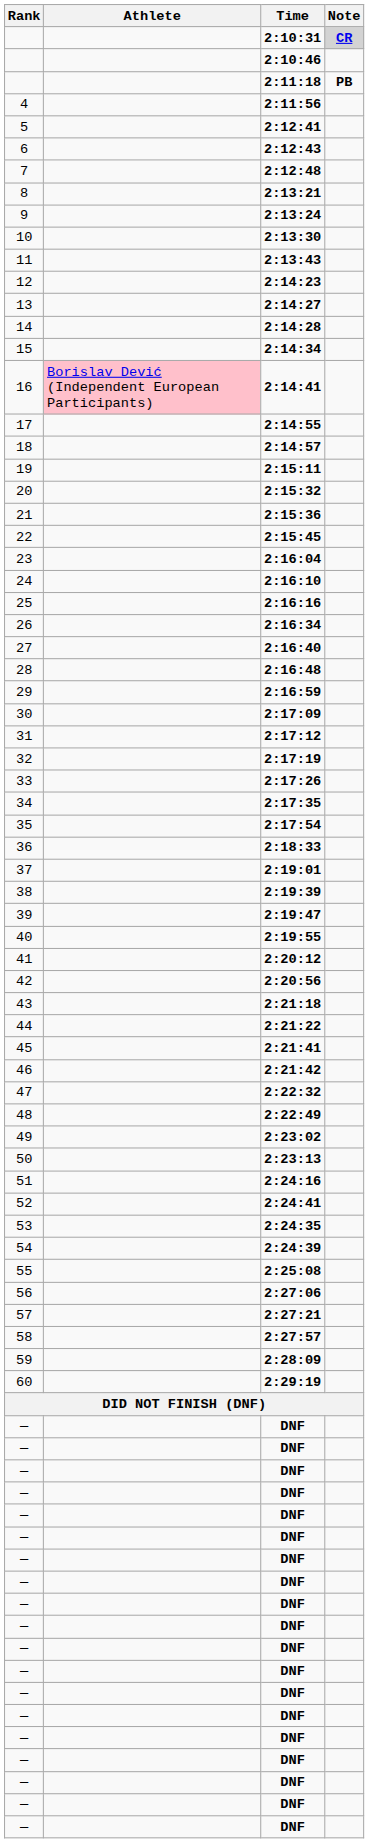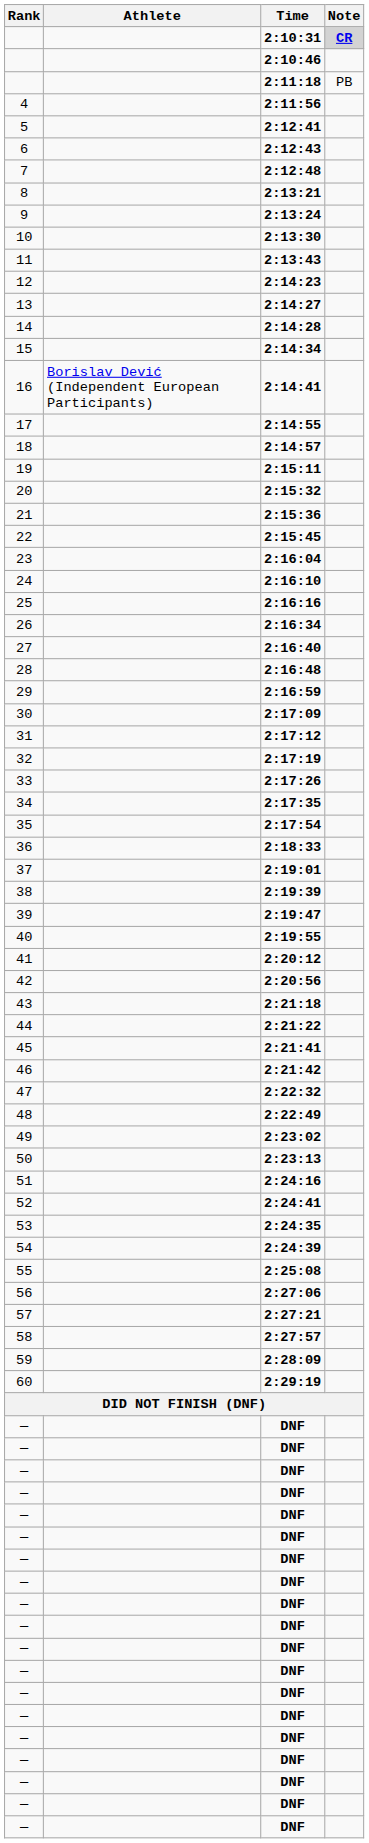 <table class="wikitable" style=" text-align:center; " width="55%">
 <tr>
 <th>Rank</th>
 <th>Athlete</th>
 <th>Time</th>
 <th>Note</th>
 </tr>
 <tr>
 <td></td>
 <td align=left></td>
 <td><strong>2:10:31</strong></td>
 <td style="background: lightgrey;"><strong><a href='#'>CR</a></strong></td>
 </tr>
 <tr>
 <td></td>
 <td align=left></td>
 <td><strong>2:10:46</strong></td>
 <td></td>
 </tr>
 <tr>
 <td></td>
 <td align=left></td>
 <td><strong>2:11:18</strong></td>
-<td><strong>PB</strong></td>
+<td>PB</td>
 </tr>
 <tr>
 <td>4</td>
 <td align=left></td>
 <td><strong>2:11:56</strong></td>
 <td></td>
 </tr>
 <tr>
 <td>5</td>
 <td align=left></td>
 <td><strong>2:12:41</strong></td>
 <td></td>
 </tr>
 <tr>
 <td>6</td>
 <td align=left></td>
 <td><strong>2:12:43</strong></td>
 <td></td>
 </tr>
 <tr>
 <td>7</td>
 <td align=left></td>
 <td><strong>2:12:48</strong></td>
 <td></td>
 </tr>
 <tr>
 <td>8</td>
 <td align=left></td>
 <td><strong>2:13:21</strong></td>
 <td></td>
 </tr>
 <tr>
 <td>9</td>
 <td align=left></td>
 <td><strong>2:13:24</strong></td>
 <td></td>
 </tr>
 <tr>
 <td>10</td>
 <td align=left></td>
 <td><strong>2:13:30</strong></td>
 <td></td>
 </tr>
 <tr>
 <td>11</td>
 <td align=left></td>
 <td><strong>2:13:43</strong></td>
 <td></td>
 </tr>
 <tr>
 <td>12</td>
 <td align=left></td>
 <td><strong>2:14:23</strong></td>
 <td></td>
 </tr>
 <tr>
 <td>13</td>
 <td align=left></td>
 <td><strong>2:14:27</strong></td>
 <td></td>
 </tr>
 <tr>
 <td>14</td>
 <td align=left></td>
 <td><strong>2:14:28</strong></td>
 <td></td>
 </tr>
 <tr>
 <td>15</td>
 <td align=left></td>
 <td><strong>2:14:34</strong></td>
 <td></td>
 </tr>
 <tr>
 <td>16</td>
-<td align=left style="background: pink;"><a href='#'>Borislav Dević</a> (Independent European Participants)</td>
+<td align=left><a href='#'>Borislav Dević</a> (Independent European Participants)</td>
 <td><strong>2:14:41</strong></td>
 <td></td>
 </tr>
 <tr>
 <td>17</td>
 <td align=left></td>
 <td><strong>2:14:55</strong></td>
 <td></td>
 </tr>
 <tr>
 <td>18</td>
 <td align=left></td>
 <td><strong>2:14:57</strong></td>
 <td></td>
 </tr>
 <tr>
 <td>19</td>
 <td align=left></td>
 <td><strong>2:15:11</strong></td>
 <td></td>
 </tr>
 <tr>
 <td>20</td>
 <td align=left></td>
 <td><strong>2:15:32</strong></td>
 <td></td>
 </tr>
 <tr>
 <td>21</td>
 <td align=left></td>
 <td><strong>2:15:36</strong></td>
 <td></td>
 </tr>
 <tr>
 <td>22</td>
 <td align=left></td>
 <td><strong>2:15:45</strong></td>
 <td></td>
 </tr>
 <tr>
 <td>23</td>
 <td align=left></td>
 <td><strong>2:16:04</strong></td>
 <td></td>
 </tr>
 <tr>
 <td>24</td>
 <td align=left></td>
 <td><strong>2:16:10</strong></td>
 <td></td>
 </tr>
 <tr>
 <td>25</td>
 <td align=left></td>
 <td><strong>2:16:16</strong></td>
 <td></td>
 </tr>
 <tr>
 <td>26</td>
 <td align=left></td>
 <td><strong>2:16:34</strong></td>
 <td></td>
 </tr>
 <tr>
 <td>27</td>
 <td align=left></td>
 <td><strong>2:16:40</strong></td>
 <td></td>
 </tr>
 <tr>
 <td>28</td>
 <td align=left></td>
 <td><strong>2:16:48</strong></td>
 <td></td>
 </tr>
 <tr>
 <td>29</td>
 <td align=left></td>
 <td><strong>2:16:59</strong></td>
 <td></td>
 </tr>
 <tr>
 <td>30</td>
 <td align=left></td>
 <td><strong>2:17:09</strong></td>
 <td></td>
 </tr>
 <tr>
 <td>31</td>
 <td align=left></td>
 <td><strong>2:17:12</strong></td>
 <td></td>
 </tr>
 <tr>
 <td>32</td>
 <td align=left></td>
 <td><strong>2:17:19</strong></td>
 <td></td>
 </tr>
 <tr>
 <td>33</td>
 <td align=left></td>
 <td><strong>2:17:26</strong></td>
 <td></td>
 </tr>
 <tr>
 <td>34</td>
 <td align=left></td>
 <td><strong>2:17:35</strong></td>
 <td></td>
 </tr>
 <tr>
 <td>35</td>
 <td align=left></td>
 <td><strong>2:17:54</strong></td>
 <td></td>
 </tr>
 <tr>
 <td>36</td>
 <td align=left></td>
 <td><strong>2:18:33</strong></td>
 <td></td>
 </tr>
 <tr>
 <td>37</td>
 <td align=left></td>
 <td><strong>2:19:01</strong></td>
 <td></td>
 </tr>
 <tr>
 <td>38</td>
 <td align=left></td>
 <td><strong>2:19:39</strong></td>
 <td></td>
 </tr>
 <tr>
 <td>39</td>
 <td align=left></td>
 <td><strong>2:19:47</strong></td>
 <td></td>
 </tr>
 <tr>
 <td>40</td>
 <td align=left></td>
 <td><strong>2:19:55</strong></td>
 <td></td>
 </tr>
 <tr>
 <td>41</td>
 <td align=left></td>
 <td><strong>2:20:12</strong></td>
 <td></td>
 </tr>
 <tr>
 <td>42</td>
 <td align=left></td>
 <td><strong>2:20:56</strong></td>
 <td></td>
 </tr>
 <tr>
 <td>43</td>
 <td align=left></td>
 <td><strong>2:21:18</strong></td>
 <td></td>
 </tr>
 <tr>
 <td>44</td>
 <td align=left></td>
 <td><strong>2:21:22</strong></td>
 <td></td>
 </tr>
 <tr>
 <td>45</td>
 <td align=left></td>
 <td><strong>2:21:41</strong></td>
 <td></td>
 </tr>
 <tr>
 <td>46</td>
 <td align=left></td>
 <td><strong>2:21:42</strong></td>
 <td></td>
 </tr>
 <tr>
 <td>47</td>
 <td align=left></td>
 <td><strong>2:22:32</strong></td>
 <td></td>
 </tr>
 <tr>
 <td>48</td>
 <td align=left></td>
 <td><strong>2:22:49</strong></td>
 <td></td>
 </tr>
 <tr>
 <td>49</td>
 <td align=left></td>
 <td><strong>2:23:02</strong></td>
 <td></td>
 </tr>
 <tr>
 <td>50</td>
 <td align=left></td>
 <td><strong>2:23:13</strong></td>
 <td></td>
 </tr>
 <tr>
 <td>51</td>
 <td align=left></td>
 <td><strong>2:24:16</strong></td>
 <td></td>
 </tr>
 <tr>
 <td>52</td>
 <td align=left></td>
 <td><strong>2:24:41</strong></td>
 <td></td>
 </tr>
 <tr>
 <td>53</td>
 <td align=left></td>
 <td><strong>2:24:35</strong></td>
 <td></td>
 </tr>
 <tr>
 <td>54</td>
 <td align=left></td>
 <td><strong>2:24:39</strong></td>
 <td></td>
 </tr>
 <tr>
 <td>55</td>
 <td align=left></td>
 <td><strong>2:25:08</strong></td>
 <td></td>
 </tr>
 <tr>
 <td>56</td>
 <td align=left></td>
 <td><strong>2:27:06</strong></td>
 <td></td>
 </tr>
 <tr>
 <td>57</td>
 <td align=left></td>
 <td><strong>2:27:21</strong></td>
 <td></td>
 </tr>
 <tr>
 <td>58</td>
 <td align=left></td>
 <td><strong>2:27:57</strong></td>
 <td></td>
 </tr>
 <tr>
 <td>59</td>
 <td align=left></td>
 <td><strong>2:28:09</strong></td>
 <td></td>
 </tr>
 <tr>
 <td>60</td>
 <td align=left></td>
 <td><strong>2:29:19</strong></td>
 <td></td>
 </tr>
 <tr>
 <th colspan="4">DID NOT FINISH (DNF)</th>
 </tr>
 <tr>
 <td>—</td>
 <td align=left></td>
 <td><strong>DNF</strong></td>
 <td></td>
 </tr>
 <tr>
 <td>—</td>
 <td align=left></td>
 <td><strong>DNF</strong></td>
 <td></td>
 </tr>
 <tr>
 <td>—</td>
 <td align=left></td>
 <td><strong>DNF</strong></td>
 <td></td>
 </tr>
 <tr>
 <td>—</td>
 <td align=left></td>
 <td><strong>DNF</strong></td>
 <td></td>
 </tr>
 <tr>
 <td>—</td>
 <td align=left></td>
 <td><strong>DNF</strong></td>
 <td></td>
 </tr>
 <tr>
 <td>—</td>
 <td align=left></td>
 <td><strong>DNF</strong></td>
 <td></td>
 </tr>
 <tr>
 <td>—</td>
 <td align=left></td>
 <td><strong>DNF</strong></td>
 <td></td>
 </tr>
 <tr>
 <td>—</td>
 <td align=left></td>
 <td><strong>DNF</strong></td>
 <td></td>
 </tr>
 <tr>
 <td>—</td>
 <td align=left></td>
 <td><strong>DNF</strong></td>
 <td></td>
 </tr>
 <tr>
 <td>—</td>
 <td align=left></td>
 <td><strong>DNF</strong></td>
 <td></td>
 </tr>
 <tr>
 <td>—</td>
 <td align=left></td>
 <td><strong>DNF</strong></td>
 <td></td>
 </tr>
 <tr>
 <td>—</td>
 <td align=left></td>
 <td><strong>DNF</strong></td>
 <td></td>
 </tr>
 <tr>
 <td>—</td>
 <td align=left></td>
 <td><strong>DNF</strong></td>
 <td></td>
 </tr>
 <tr>
 <td>—</td>
 <td align=left></td>
 <td><strong>DNF</strong></td>
 <td></td>
 </tr>
 <tr>
 <td>—</td>
 <td align=left></td>
 <td><strong>DNF</strong></td>
 <td></td>
 </tr>
 <tr>
 <td>—</td>
 <td align=left></td>
 <td><strong>DNF</strong></td>
 <td></td>
 </tr>
 <tr>
 <td>—</td>
 <td align=left></td>
 <td><strong>DNF</strong></td>
 <td></td>
 </tr>
 <tr>
 <td>—</td>
 <td align=left></td>
 <td><strong>DNF</strong></td>
 <td></td>
 </tr>
 <tr>
 <td>—</td>
 <td align=left></td>
 <td><strong>DNF</strong></td>
 <td></td>
 </tr>
 </table>
